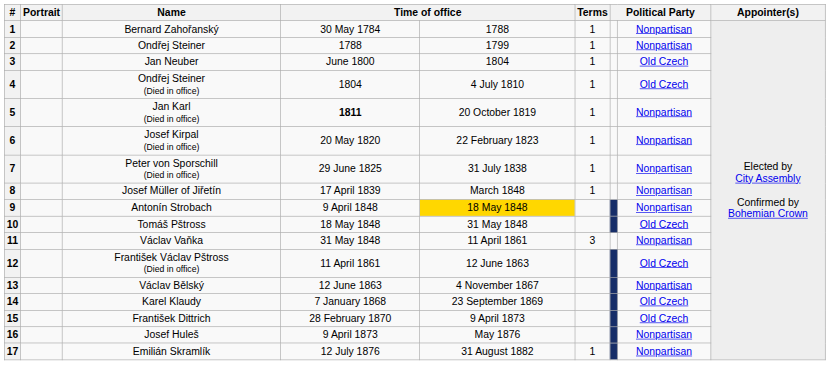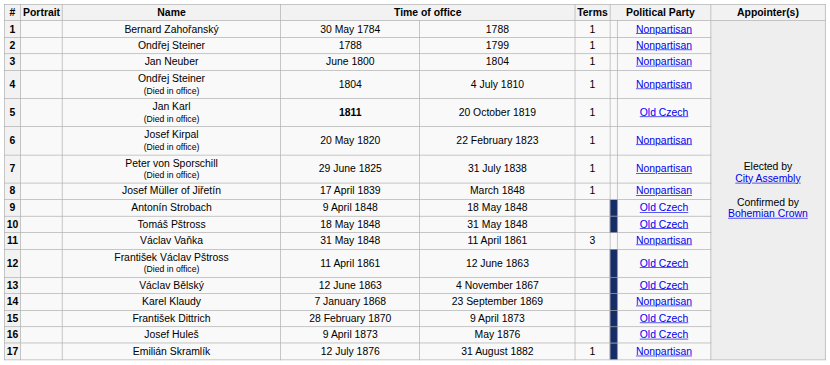 <table class="wikitable" style="width:100%; text-align:center;">
 <tr>
 <th width=20>#</th>
 <th width=70>Portrait</th>
 <th width=30%>Name</th>
 <th colspan=2 width=40%>Time of office</th>
 <th>Terms</th>
 <th colspan=2 width=13%>Political Party</th>
 <th width=15%>Appointer(s)</th>
 </tr>
 <tr>
 <th>1</th>
 <td></td>
 <td>Bernard Zahořanský</td>
 <td>30 May 1784</td>
 <td>1788</td>
 <td>1</td>
 <td style="background:"></td>
 <td><a href='#'>Nonpartisan</a></td>
 <td rowspan=17 bgcolor=#EEEEEE>Elected by<br><a href='#'>City Assembly</a><br><br>Confirmed by <a href='#'>Bohemian Crown</a></td>
 </tr>
 <tr>
 <th>2</th>
 <td></td>
 <td>Ondřej Steiner</td>
 <td>1788</td>
 <td>1799</td>
 <td>1</td>
 <td style="background:"></td>
 <td><a href='#'>Nonpartisan</a></td>
 </tr>
 <tr>
 <th>3</th>
 <td></td>
 <td>Jan Neuber</td>
 <td>June 1800</td>
 <td>1804</td>
 <td>1</td>
 <td style="background:"></td>
-<td><a href='#'>Old Czech</a></td>
+<td><a href='#'>Nonpartisan</a></td>
 </tr>
 <tr>
 <th>4</th>
 <td></td>
 <td>Ondřej Steiner<br><small>(Died in office)</small></td>
 <td>1804</td>
 <td>4 July 1810</td>
 <td>1</td>
 <td style="background:"></td>
-<td><a href='#'>Old Czech</a></td>
+<td><a href='#'>Nonpartisan</a></td>
 </tr>
 <tr>
 <th>5</th>
 <td></td>
 <td>Jan Karl<br><small>(Died in office)</small></td>
 <td><strong>1811</strong></td>
 <td>20 October 1819</td>
 <td>1</td>
 <td style="background:"></td>
-<td><a href='#'>Nonpartisan</a></td>
+<td><a href='#'>Old Czech</a></td>
 </tr>
 <tr>
 <th>6</th>
 <td></td>
 <td>Josef Kirpal<br><small>(Died in office)</small></td>
 <td>20 May 1820</td>
 <td>22 February 1823</td>
 <td>1</td>
 <td style="background:"></td>
 <td><a href='#'>Nonpartisan</a></td>
 </tr>
 <tr>
 <th>7</th>
 <td></td>
 <td>Peter von Sporschill<br><small>(Died in office)</small></td>
 <td>29 June 1825</td>
 <td>31 July 1838</td>
 <td>1</td>
 <td style="background:"></td>
 <td><a href='#'>Nonpartisan</a></td>
 </tr>
 <tr>
 <th>8</th>
 <td></td>
 <td>Josef Müller of Jiřetín</td>
 <td>17 April 1839</td>
 <td>March 1848</td>
 <td>1</td>
 <td style="background:"></td>
 <td><a href='#'>Nonpartisan</a></td>
 </tr>
 <tr>
 <th>9</th>
 <td></td>
 <td>Antonín Strobach</td>
 <td>9 April 1848</td>
-<td style="background: gold;">18 May 1848</td>
+<td>18 May 1848</td>
 <td></td>
 <td style="background:#162D68;"></td>
-<td><a href='#'>Nonpartisan</a></td>
+<td><a href='#'>Old Czech</a></td>
 </tr>
 <tr>
 <th>10</th>
 <td></td>
 <td>Tomáš Pštross</td>
 <td>18 May 1848</td>
 <td>31 May 1848</td>
 <td></td>
 <td style="background:#162D68;"></td>
 <td><a href='#'>Old Czech</a></td>
 </tr>
 <tr>
 <th>11</th>
 <td></td>
 <td>Václav Vaňka</td>
 <td>31 May 1848</td>
 <td>11 April 1861</td>
 <td>3</td>
 <td style="background:"></td>
 <td><a href='#'>Nonpartisan</a></td>
 </tr>
 <tr>
 <th>12</th>
 <td></td>
 <td>František Václav Pštross<br><small>(Died in office)</small></td>
 <td>11 April 1861</td>
 <td>12 June 1863</td>
 <td></td>
 <td style="background:#162D68;"></td>
 <td><a href='#'>Old Czech</a></td>
 </tr>
 <tr>
 <th>13</th>
 <td></td>
 <td>Václav Bělský</td>
 <td>12 June 1863</td>
 <td>4 November 1867</td>
 <td></td>
 <td style="background:#162D68;"></td>
-<td><a href='#'>Nonpartisan</a></td>
+<td><a href='#'>Old Czech</a></td>
 </tr>
 <tr>
 <th>14</th>
 <td></td>
 <td>Karel Klaudy</td>
 <td>7 January 1868</td>
 <td>23 September 1869</td>
 <td></td>
 <td style="background:#162D68;"></td>
-<td><a href='#'>Old Czech</a></td>
+<td><a href='#'>Nonpartisan</a></td>
 </tr>
 <tr>
 <th>15</th>
 <td></td>
 <td>František Dittrich</td>
 <td>28 February 1870</td>
 <td>9 April 1873</td>
 <td></td>
 <td style="background:#162D68;"></td>
 <td><a href='#'>Old Czech</a></td>
 </tr>
 <tr>
 <th>16</th>
 <td></td>
 <td>Josef Huleš</td>
 <td>9 April 1873</td>
 <td>May 1876</td>
 <td></td>
 <td style="background:#162D68;"></td>
-<td><a href='#'>Nonpartisan</a></td>
+<td><a href='#'>Old Czech</a></td>
 </tr>
 <tr>
 <th>17</th>
 <td></td>
 <td>Emilián Skramlík</td>
 <td>12 July 1876</td>
 <td>31 August 1882</td>
 <td>1 </td>
 <td style="background:#162D68;"></td>
 <td><a href='#'>Nonpartisan</a></td>
 </tr>
 </table>
